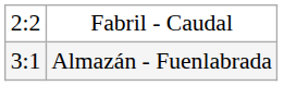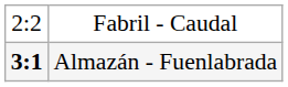 <table class="wikitable">
 <tr align=center bgcolor=white>
 <td>2:2</td>
 <td>Fabril - Caudal</td>
 </tr>
 <tr align=center bgcolor=#F5F5F5>
-<td>3:1</td>
+<td><strong>3:1</strong></td>
 <td>Almazán - Fuenlabrada</td>
 </tr>
 </table>
